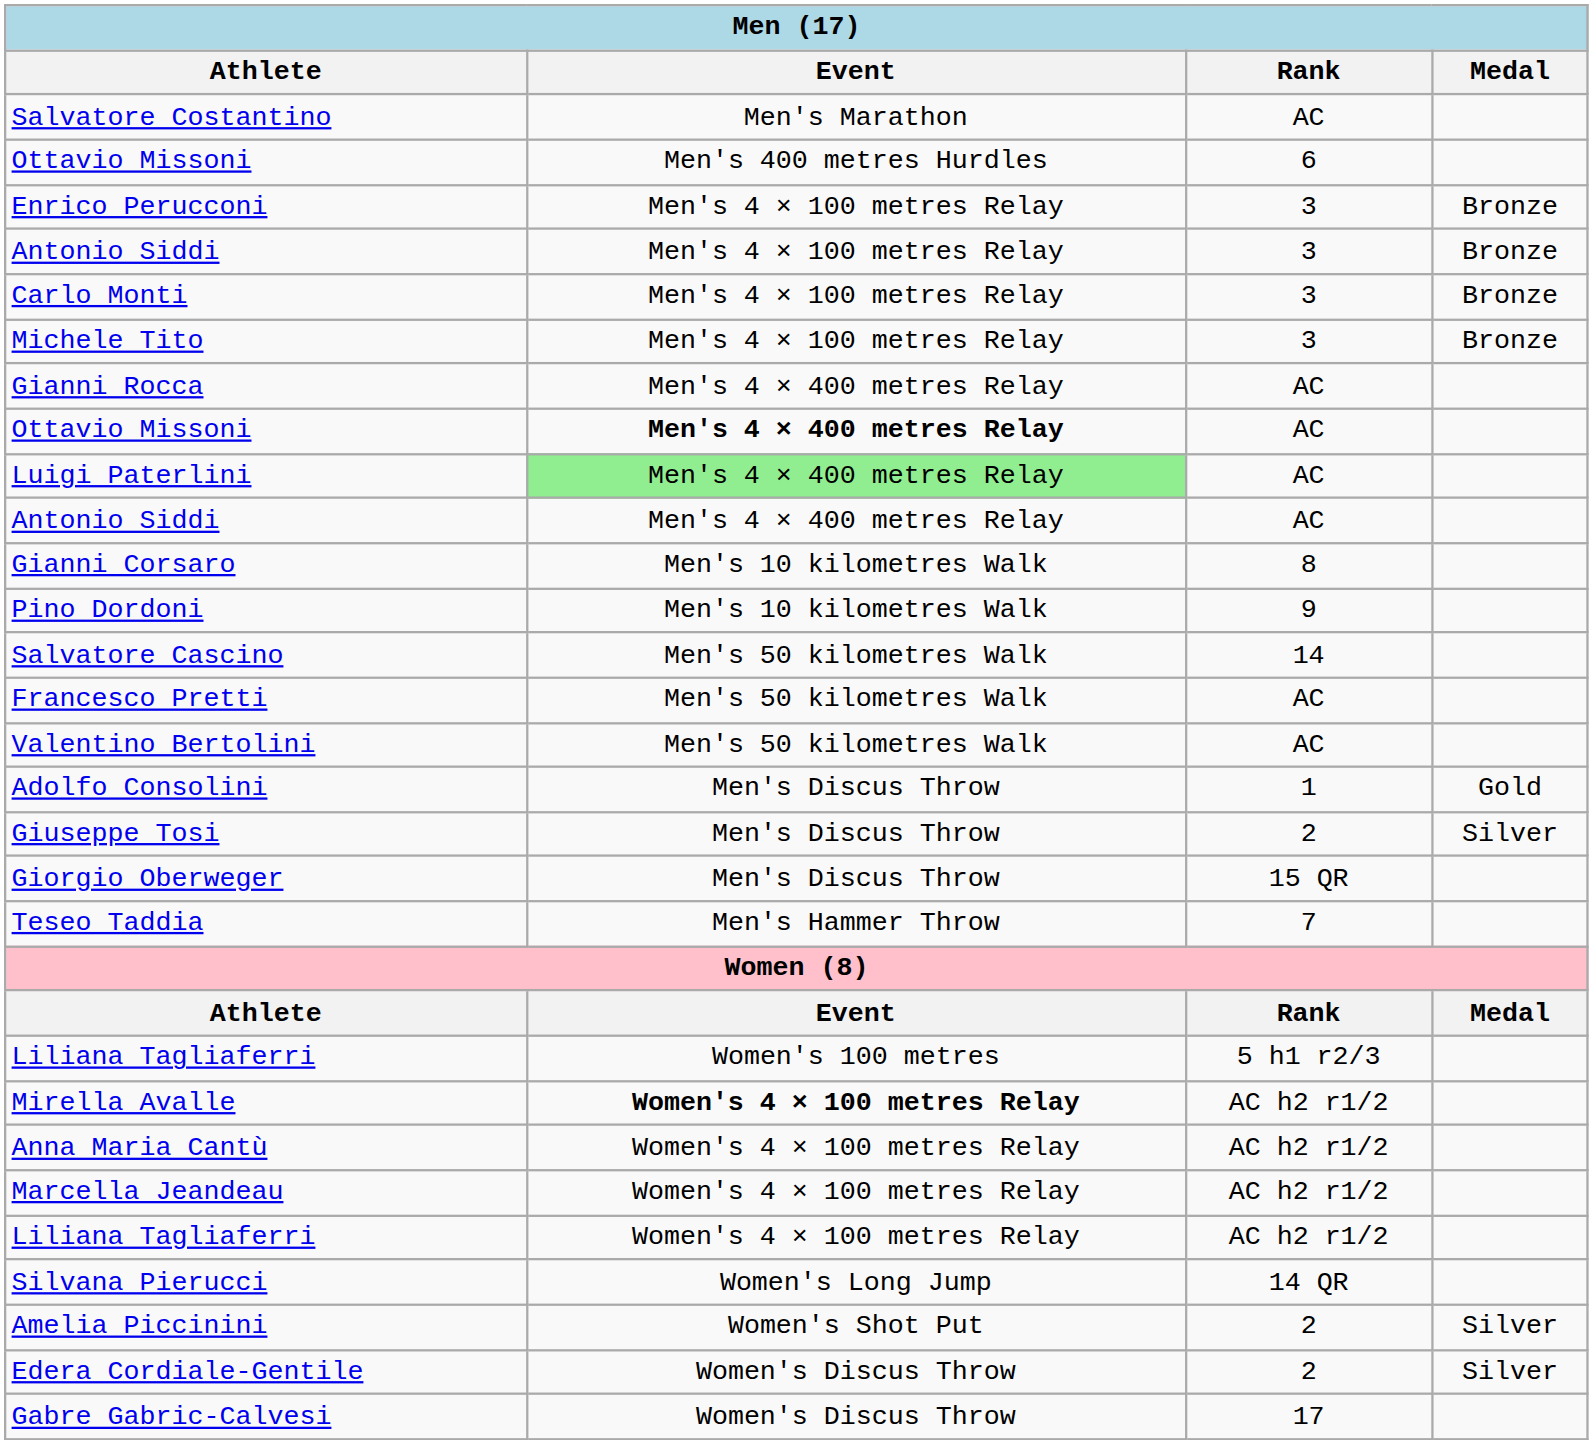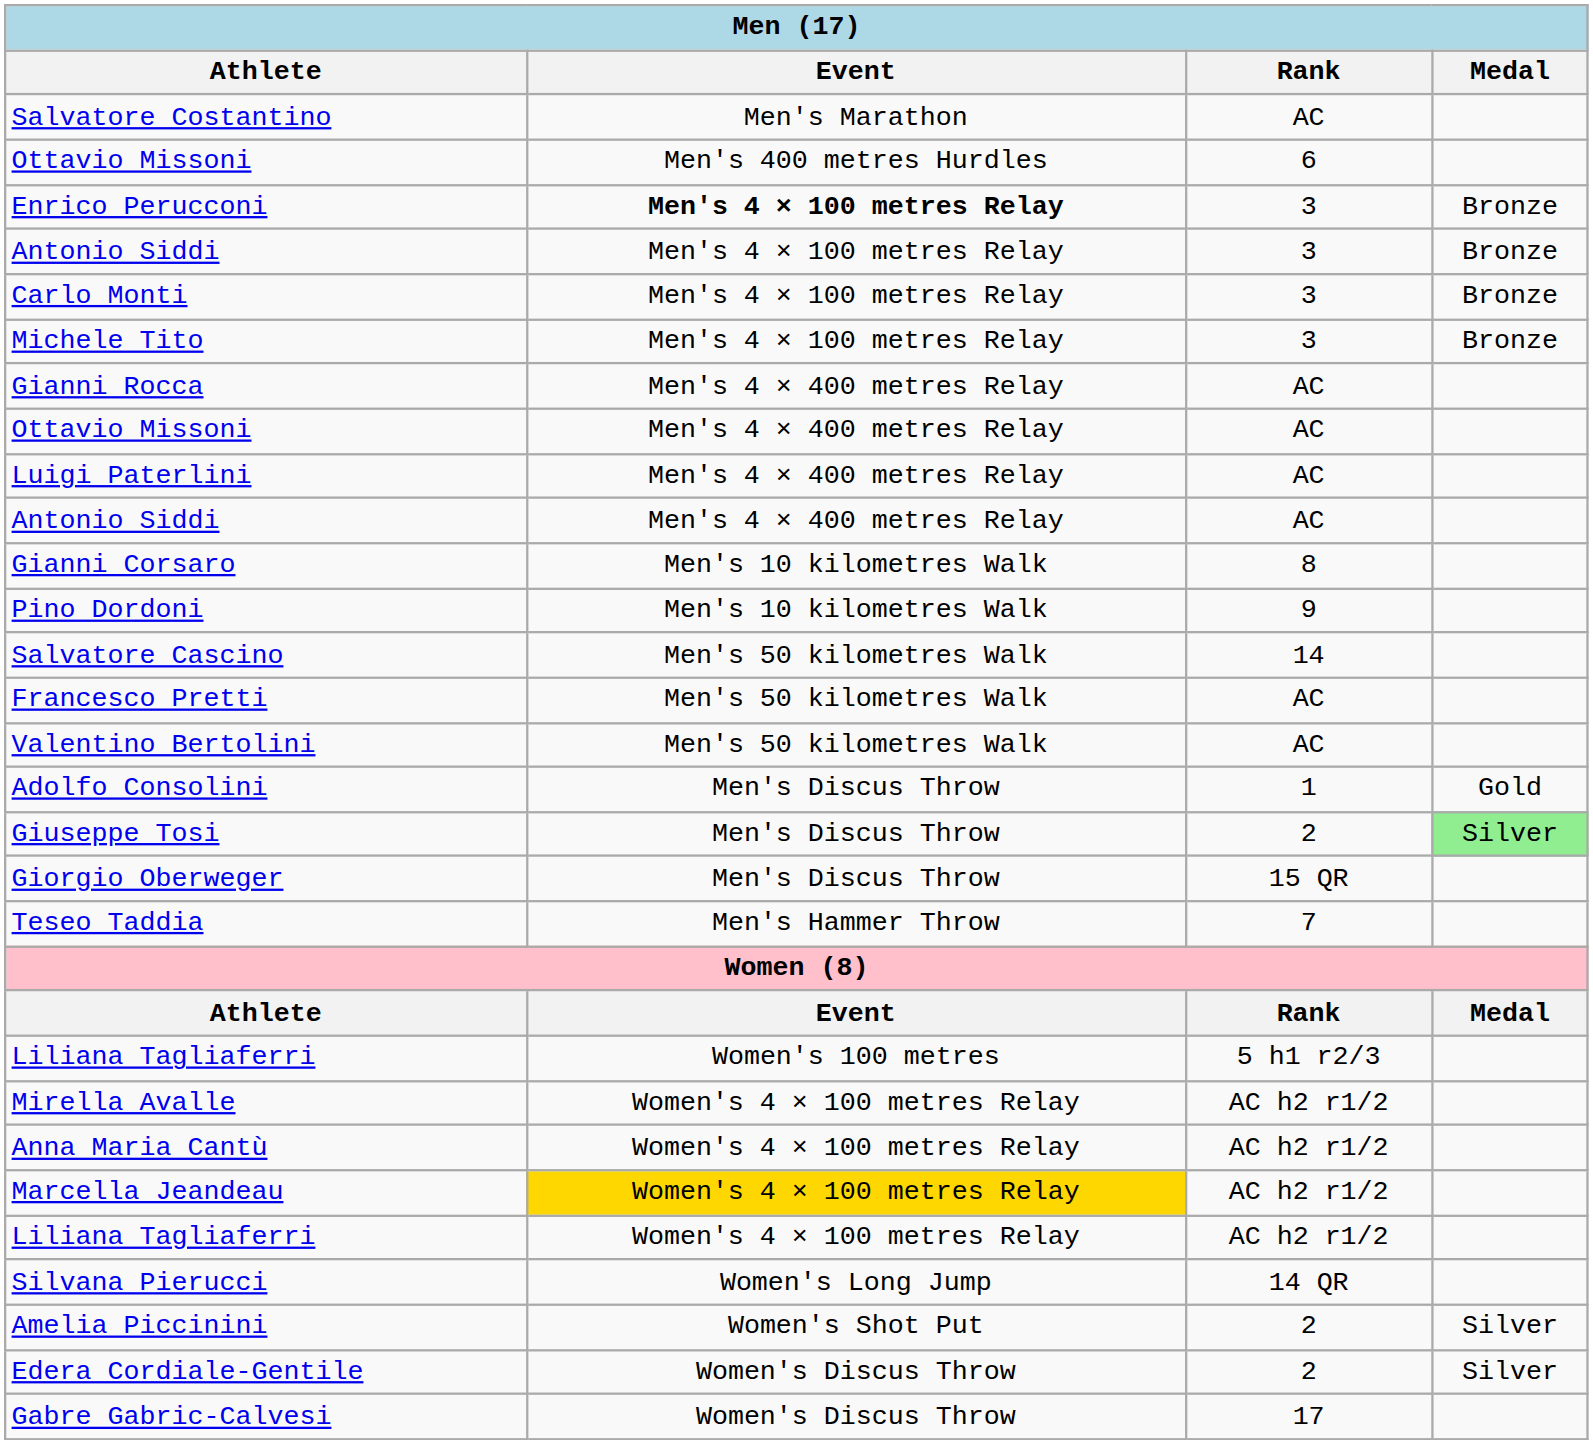 <table class="wikitable" width=55% style="font-size:90%; text-align:center;">
 <tr>
 <td colspan=5 bgcolor=lightblue><strong>Men (17)</strong></td>
 </tr>
 <tr>
 <th>Athlete</th>
 <th>Event</th>
 <th>Rank</th>
 <th>Medal</th>
 </tr>
 <tr>
 <td align=left><a href='#'>Salvatore Costantino</a></td>
 <td>Men's Marathon</td>
 <td>AC</td>
 <td></td>
 </tr>
 <tr>
 <td align=left><a href='#'>Ottavio Missoni</a></td>
 <td>Men's 400 metres Hurdles</td>
 <td>6</td>
 <td></td>
 </tr>
 <tr>
 <td align=left><a href='#'>Enrico Perucconi</a></td>
-<td>Men's 4 × 100 metres Relay</td>
+<td><strong>Men's 4 × 100 metres Relay</strong></td>
 <td>3</td>
 <td>Bronze</td>
 </tr>
 <tr>
 <td align=left><a href='#'>Antonio Siddi</a></td>
 <td>Men's 4 × 100 metres Relay</td>
 <td>3</td>
 <td>Bronze</td>
 </tr>
 <tr>
 <td align=left><a href='#'>Carlo Monti</a></td>
 <td>Men's 4 × 100 metres Relay</td>
 <td>3</td>
 <td>Bronze</td>
 </tr>
 <tr>
 <td align=left><a href='#'>Michele Tito</a></td>
 <td>Men's 4 × 100 metres Relay</td>
 <td>3</td>
 <td>Bronze</td>
 </tr>
 <tr>
 <td align=left><a href='#'>Gianni Rocca</a></td>
 <td>Men's 4 × 400 metres Relay</td>
 <td>AC</td>
 <td></td>
 </tr>
 <tr>
 <td align=left><a href='#'>Ottavio Missoni</a></td>
-<td><strong>Men's 4 × 400 metres Relay</strong></td>
+<td>Men's 4 × 400 metres Relay</td>
 <td>AC</td>
 <td></td>
 </tr>
 <tr>
 <td align=left><a href='#'>Luigi Paterlini</a></td>
-<td style="background: lightgreen;">Men's 4 × 400 metres Relay</td>
+<td>Men's 4 × 400 metres Relay</td>
 <td>AC</td>
 <td></td>
 </tr>
 <tr>
 <td align=left><a href='#'>Antonio Siddi</a></td>
 <td>Men's 4 × 400 metres Relay</td>
 <td>AC</td>
 <td></td>
 </tr>
 <tr>
 <td align=left><a href='#'>Gianni Corsaro</a></td>
 <td>Men's 10 kilometres Walk</td>
 <td>8</td>
 <td></td>
 </tr>
 <tr>
 <td align=left><a href='#'>Pino Dordoni</a></td>
 <td>Men's 10 kilometres Walk</td>
 <td>9</td>
 <td></td>
 </tr>
 <tr>
 <td align=left><a href='#'>Salvatore Cascino</a></td>
 <td>Men's 50 kilometres Walk</td>
 <td>14</td>
 <td></td>
 </tr>
 <tr>
 <td align=left><a href='#'>Francesco Pretti</a></td>
 <td>Men's 50 kilometres Walk</td>
 <td>AC</td>
 <td></td>
 </tr>
 <tr>
 <td align=left><a href='#'>Valentino Bertolini</a></td>
 <td>Men's 50 kilometres Walk</td>
 <td>AC</td>
 <td></td>
 </tr>
 <tr>
 <td align=left><a href='#'>Adolfo Consolini</a></td>
 <td>Men's Discus Throw</td>
 <td>1</td>
 <td>Gold</td>
 </tr>
 <tr>
 <td align=left><a href='#'>Giuseppe Tosi</a></td>
 <td>Men's Discus Throw</td>
 <td>2</td>
-<td>Silver</td>
+<td style="background: lightgreen;">Silver</td>
 </tr>
 <tr>
 <td align=left><a href='#'>Giorgio Oberweger</a></td>
 <td>Men's Discus Throw</td>
 <td>15 QR</td>
 <td></td>
 </tr>
 <tr>
 <td align=left><a href='#'>Teseo Taddia</a></td>
 <td>Men's Hammer Throw</td>
 <td>7</td>
 <td></td>
 </tr>
 <tr>
 <td colspan=5 bgcolor=pink><strong>Women (8)</strong></td>
 </tr>
 <tr>
 <th>Athlete</th>
 <th>Event</th>
 <th>Rank</th>
 <th>Medal</th>
 </tr>
 <tr>
 <td align=left><a href='#'>Liliana Tagliaferri</a></td>
 <td>Women's 100 metres</td>
 <td>5 h1 r2/3</td>
 <td></td>
 </tr>
 <tr>
 <td align=left><a href='#'>Mirella Avalle</a></td>
-<td><strong>Women's 4 × 100 metres Relay</strong></td>
+<td>Women's 4 × 100 metres Relay</td>
 <td>AC h2 r1/2</td>
 <td></td>
 </tr>
 <tr>
 <td align=left><a href='#'>Anna Maria Cantù</a></td>
 <td>Women's 4 × 100 metres Relay</td>
 <td>AC h2 r1/2</td>
 <td></td>
 </tr>
 <tr>
 <td align=left><a href='#'>Marcella Jeandeau</a></td>
-<td>Women's 4 × 100 metres Relay</td>
+<td style="background: gold;">Women's 4 × 100 metres Relay</td>
 <td>AC h2 r1/2</td>
 <td></td>
 </tr>
 <tr>
 <td align=left><a href='#'>Liliana Tagliaferri</a></td>
 <td>Women's 4 × 100 metres Relay</td>
 <td>AC h2 r1/2</td>
 <td></td>
 </tr>
 <tr>
 <td align=left><a href='#'>Silvana Pierucci</a></td>
 <td>Women's Long Jump</td>
 <td>14 QR</td>
 <td></td>
 </tr>
 <tr>
 <td align=left><a href='#'>Amelia Piccinini</a></td>
 <td>Women's Shot Put</td>
 <td>2</td>
 <td>Silver</td>
 </tr>
 <tr>
 <td align=left><a href='#'>Edera Cordiale-Gentile</a></td>
 <td>Women's Discus Throw</td>
 <td>2</td>
 <td>Silver</td>
 </tr>
 <tr>
 <td align=left><a href='#'>Gabre Gabric-Calvesi</a></td>
 <td>Women's Discus Throw</td>
 <td>17</td>
 <td></td>
 </tr>
 </table>
